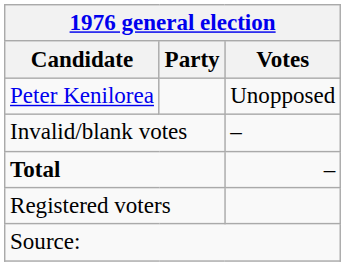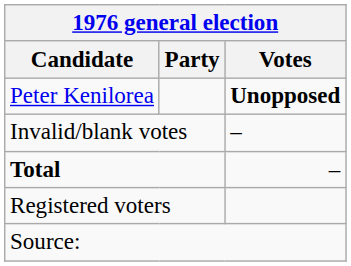 <table class=wikitable style=text-align:left>
 <tr>
 <th colspan=3><a href='#'>1976 general election</a></th>
 </tr>
 <tr>
 <th>Candidate</th>
 <th>Party</th>
 <th>Votes</th>
 </tr>
 <tr>
 <td><a href='#'>Peter Kenilorea</a></td>
 <td></td>
-<td align=center>Unopposed</td>
+<td align=center><strong>Unopposed</strong></td>
 </tr>
 <tr>
 <td colspan=2>Invalid/blank votes</td>
 <td>–</td>
 </tr>
 <tr>
 <td colspan=2><strong>Total</strong></td>
 <td align=right>–</td>
 </tr>
 <tr>
 <td colspan=2>Registered voters</td>
 <td align=right></td>
 </tr>
 <tr>
 <td colspan=3>Source: </td>
 </tr>
 </table>
